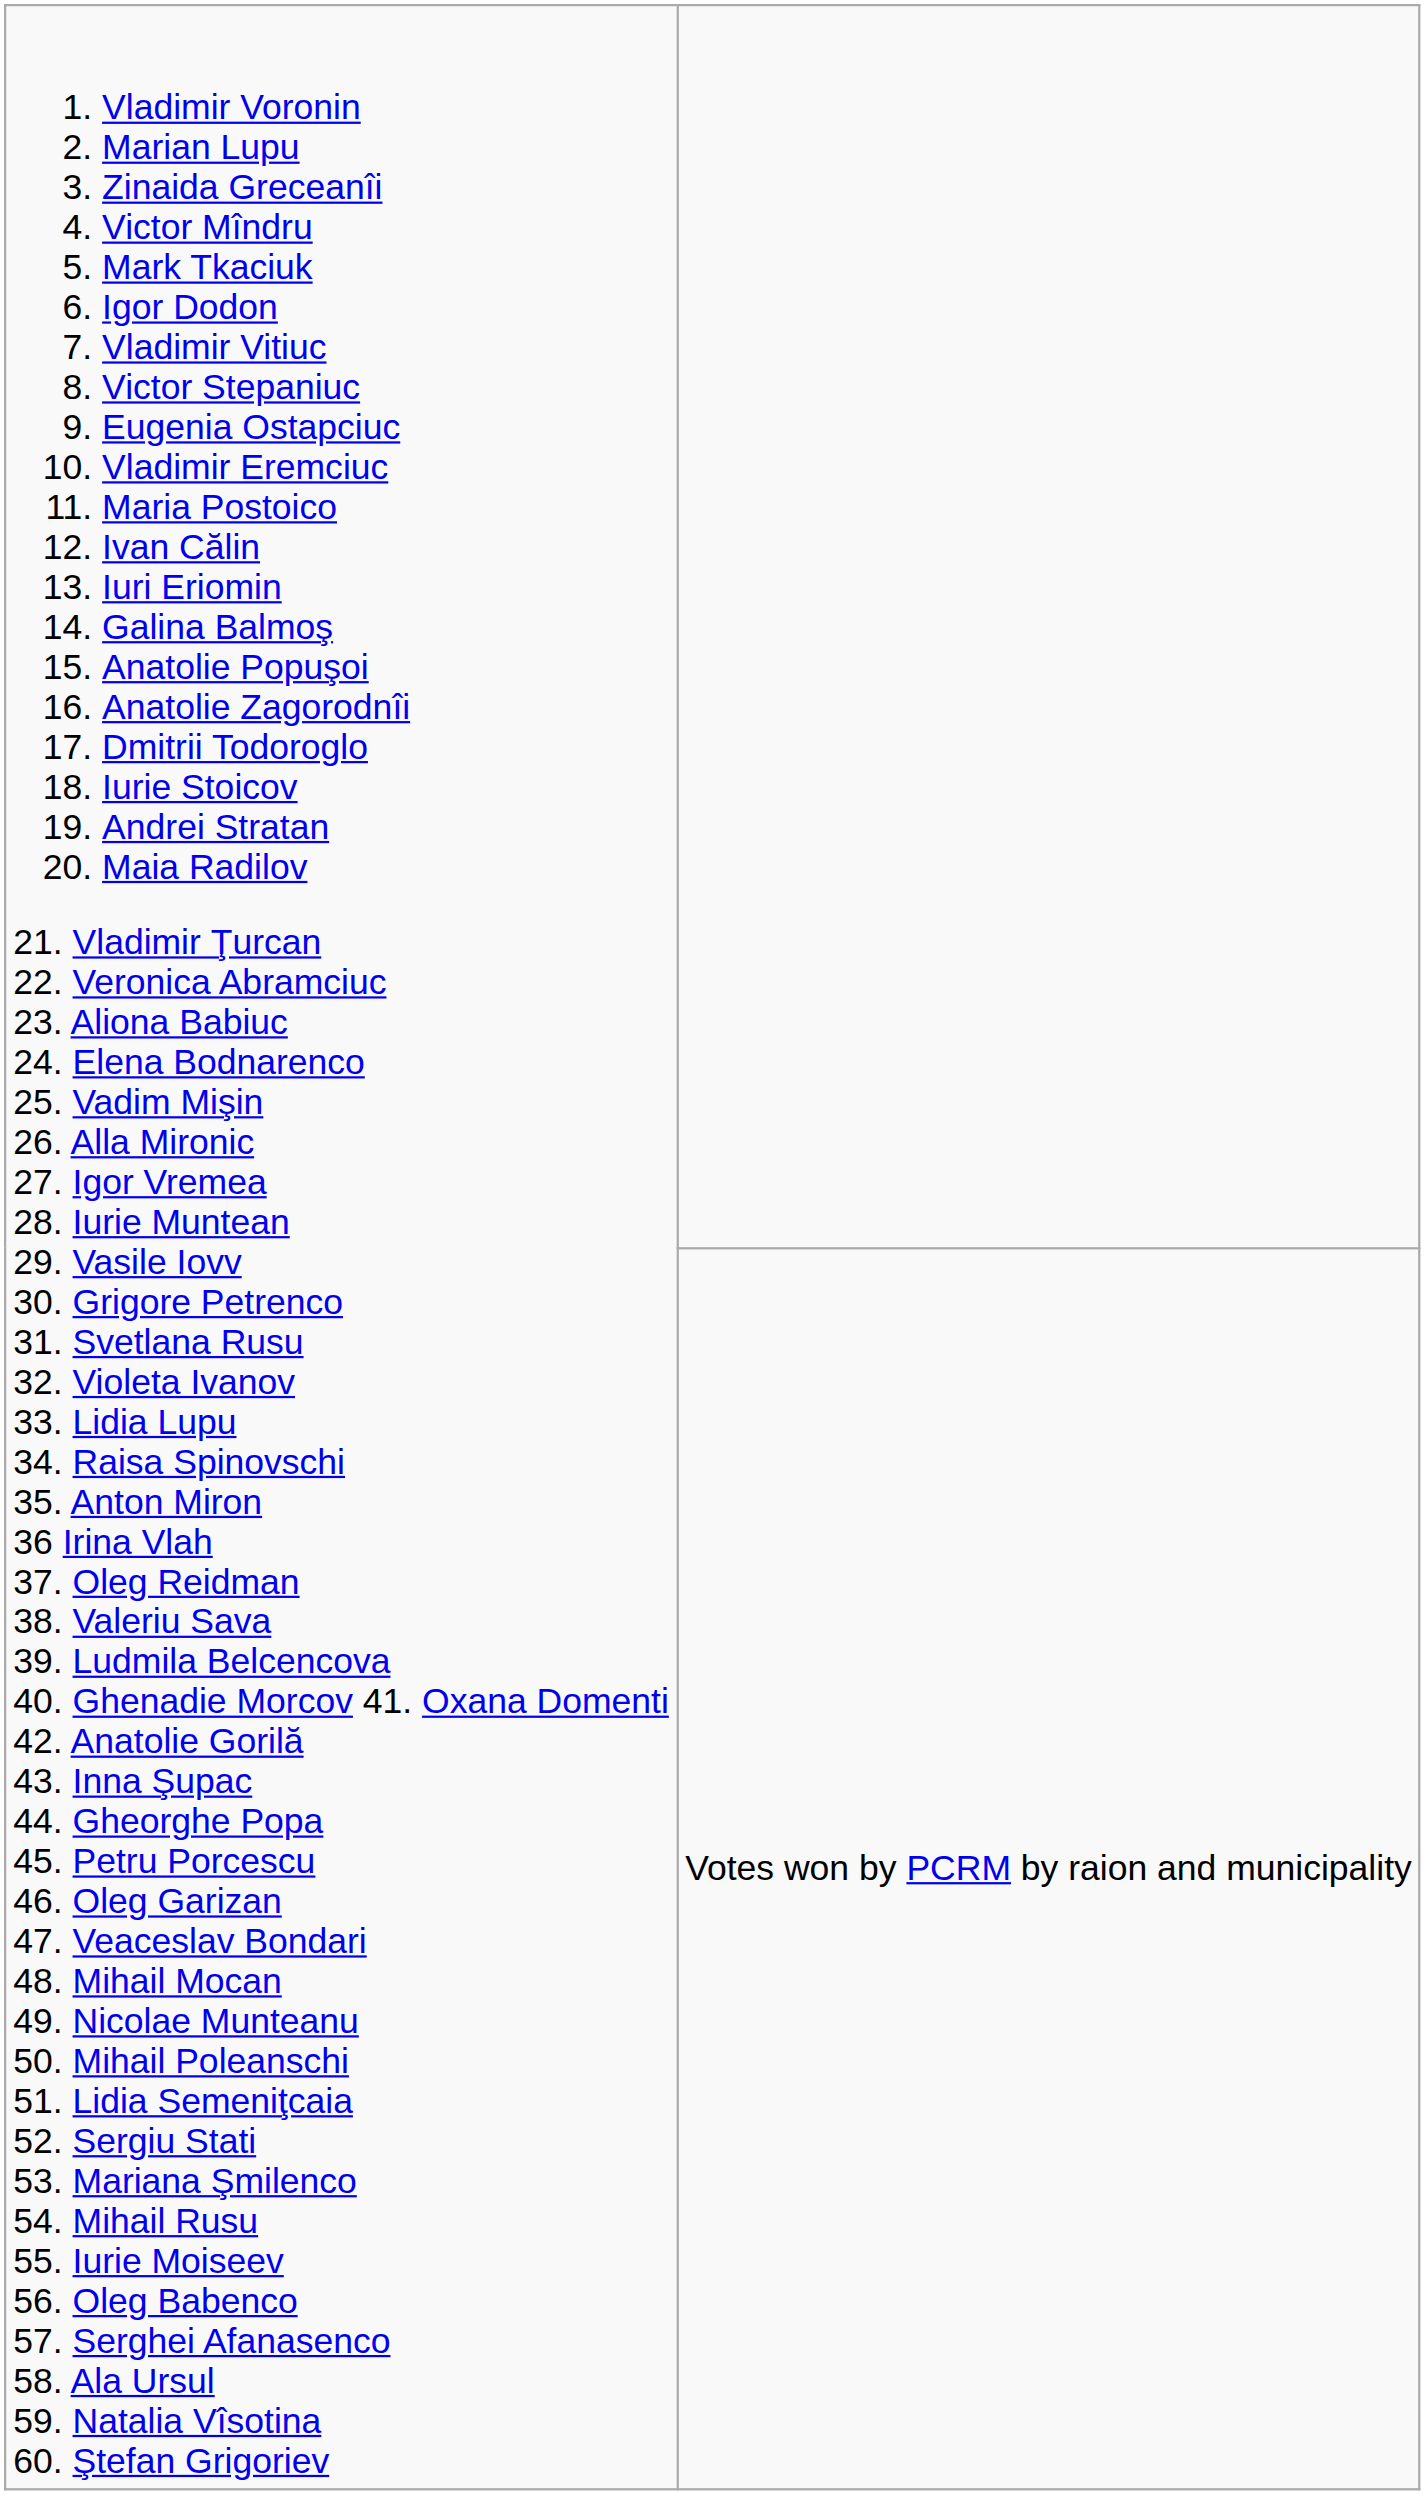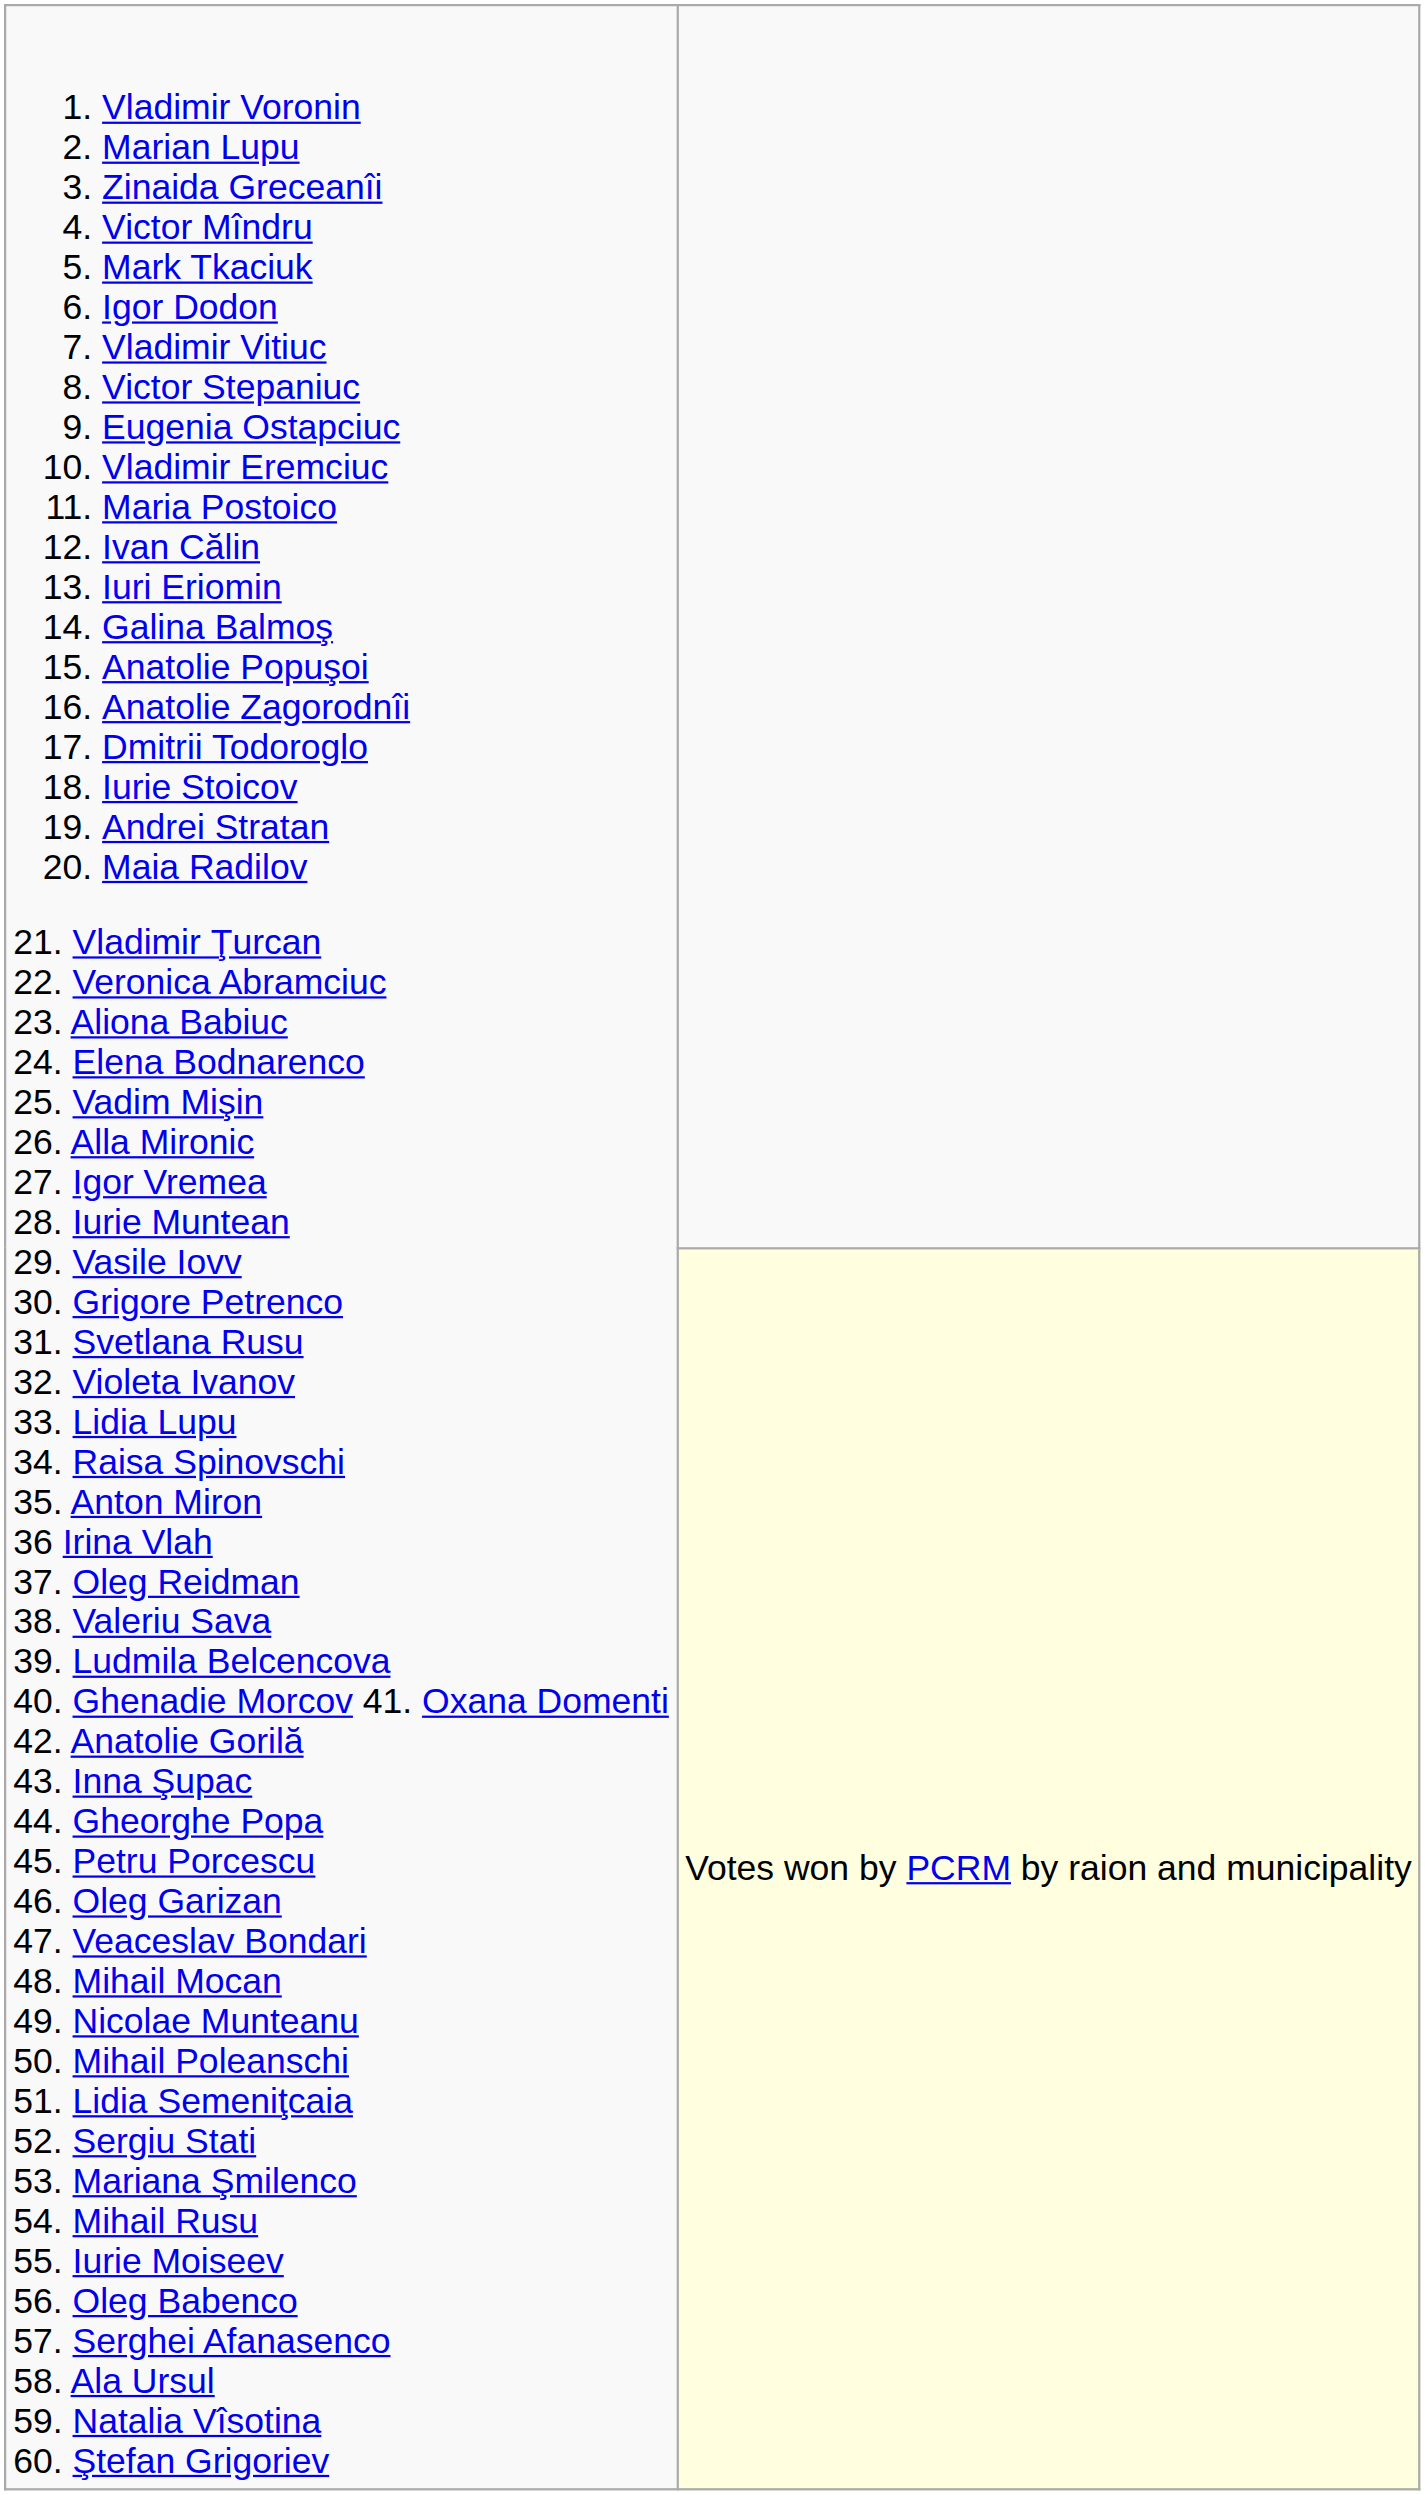 <table class=wikitable>
 <tr>
 <td valign=top rowspan=2><br> <ol><li><a href='#'>Vladimir Voronin</a></li><li><a href='#'>Marian Lupu</a></li><li><a href='#'>Zinaida Greceanîi</a></li><li><a href='#'>Victor Mîndru</a></li><li><a href='#'>Mark Tkaciuk</a></li><li><a href='#'>Igor Dodon</a></li><li><a href='#'>Vladimir Vitiuc</a></li><li><a href='#'>Victor Stepaniuc</a></li><li><a href='#'>Eugenia Ostapciuc</a></li><li><a href='#'>Vladimir Eremciuc</a></li><li><a href='#'>Maria Postoico</a></li><li><a href='#'>Ivan Călin</a></li><li><a href='#'>Iuri Eriomin</a></li><li><a href='#'>Galina Balmoş</a></li><li><a href='#'>Anatolie Popuşoi</a></li><li><a href='#'>Anatolie Zagorodnîi</a></li><li><a href='#'>Dmitrii Todoroglo</a></li><li><a href='#'>Iurie Stoicov</a></li><li><a href='#'>Andrei Stratan</a></li><li><a href='#'>Maia Radilov</a></li></ol> 21. <a href='#'>Vladimir Ţurcan</a> <br>22. <a href='#'>Veronica Abramciuc</a> <br>23. <a href='#'>Aliona Babiuc</a> <br>24. <a href='#'>Elena Bodnarenco</a> <br>25. <a href='#'>Vadim Mişin</a> <br>26. <a href='#'>Alla Mironic</a> <br>27. <a href='#'>Igor Vremea</a> <br>28. <a href='#'>Iurie Muntean</a> <br>29. <a href='#'>Vasile Iovv</a> <br>30. <a href='#'>Grigore Petrenco</a> <br>31. <a href='#'>Svetlana Rusu</a> <br>32. <a href='#'>Violeta Ivanov</a> <br>33. <a href='#'>Lidia Lupu</a> <br>34. <a href='#'>Raisa Spinovschi</a> <br>35. <a href='#'>Anton Miron</a> <br>36 <a href='#'>Irina Vlah</a> <br>37. <a href='#'>Oleg Reidman</a> <br>38. <a href='#'>Valeriu Sava</a> <br>39. <a href='#'>Ludmila Belcencova</a> <br>40. <a href='#'>Ghenadie Morcov</a>  41. <a href='#'>Oxana Domenti</a> <br>42. <a href='#'>Anatolie Gorilă</a> <br>43. <a href='#'>Inna Şupac</a> <br>44. <a href='#'>Gheorghe Popa</a> <br>45. <a href='#'>Petru Porcescu</a> <br>46. <a href='#'>Oleg Garizan</a> <br>47. <a href='#'>Veaceslav Bondari</a> <br>48. <a href='#'>Mihail Mocan</a> <br>49. <a href='#'>Nicolae Munteanu</a> <br>50. <a href='#'>Mihail Poleanschi</a> <br>51. <a href='#'>Lidia Semeniţcaia</a> <br>52. <a href='#'>Sergiu Stati</a> <br>53. <a href='#'>Mariana Şmilenco</a> <br>54. <a href='#'>Mihail Rusu</a> <br>55. <a href='#'>Iurie Moiseev</a> <br>56. <a href='#'>Oleg Babenco</a> <br>57. <a href='#'>Serghei Afanasenco</a> <br>58. <a href='#'>Ala Ursul</a> <br>59. <a href='#'>Natalia Vîsotina</a> <br>60. <a href='#'>Ştefan Grigoriev</a> </td>
 <td><br></td>
 </tr>
 <tr>
-<td align=center>Votes won by <a href='#'>PCRM</a> by raion and municipality</td>
+<td align=center style="background: lightyellow;">Votes won by <a href='#'>PCRM</a> by raion and municipality</td>
 </tr>
 </table>
